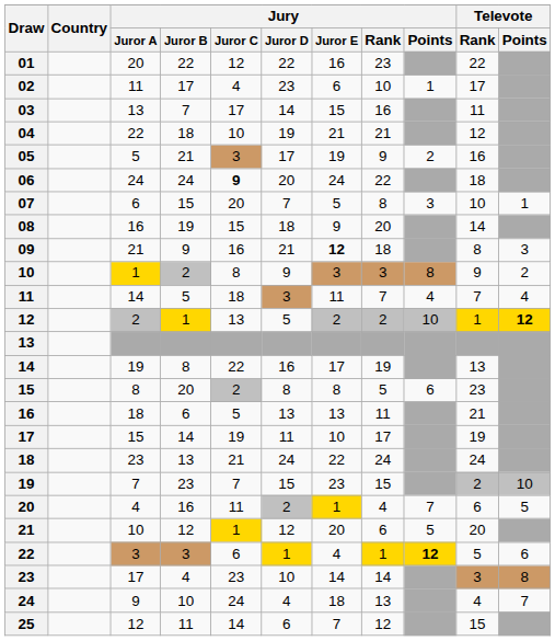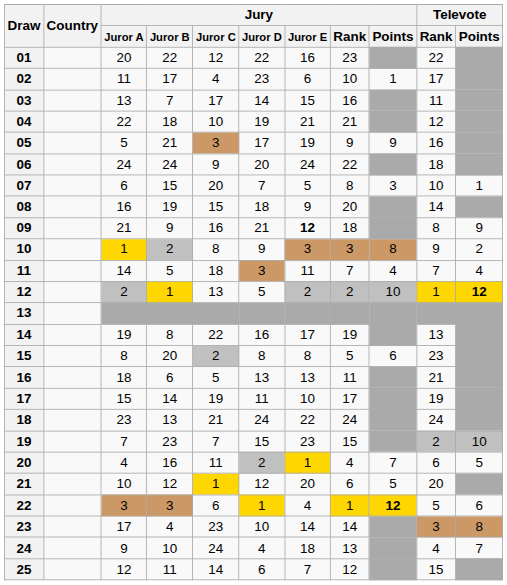 <table class="sortable wikitable collapsible plainrowheaders" style="text-align:center;">
 <tr>
 </tr>
 <tr>
 <th scope="col" rowspan="2">Draw</th>
 <th scope="col" rowspan="2">Country</th>
 <th scope="col" colspan="7">Jury</th>
 <th scope="col" colspan="2">Televote</th>
 </tr>
 <tr>
 <th scope="col"><small>Juror A</small></th>
 <th scope="col"><small>Juror B</small></th>
 <th scope="col"><small>Juror C</small></th>
 <th scope="col"><small>Juror D</small></th>
 <th scope="col"><small>Juror E</small></th>
 <th scope="col">Rank</th>
 <th scope="col">Points</th>
 <th scope="col">Rank</th>
 <th scope="col">Points</th>
 </tr>
 <tr>
 <th scope="row" style="text-align:center;">01</th>
 <td style="text-align:left;"></td>
 <td>20</td>
 <td>22</td>
 <td>12</td>
 <td>22</td>
 <td>16</td>
 <td>23</td>
 <td style="background:#AAAAAA;"></td>
 <td>22</td>
 <td style="background:#AAAAAA;"></td>
 </tr>
 <tr>
 <th scope="row" style="text-align:center;">02</th>
 <td style="text-align:left;"></td>
 <td>11</td>
 <td>17</td>
 <td>4</td>
 <td>23</td>
 <td>6</td>
 <td>10</td>
 <td>1</td>
 <td>17</td>
 <td style="background:#AAAAAA;"></td>
 </tr>
 <tr>
 <th scope="row" style="text-align:center;">03</th>
 <td style="text-align:left;"></td>
 <td>13</td>
 <td>7</td>
 <td>17</td>
 <td>14</td>
 <td>15</td>
 <td>16</td>
 <td style="background:#AAAAAA;"></td>
 <td>11</td>
 <td style="background:#AAAAAA;"></td>
 </tr>
 <tr>
 <th scope="row" style="text-align:center;">04</th>
 <td style="text-align:left;"></td>
 <td>22</td>
 <td>18</td>
 <td>10</td>
 <td>19</td>
 <td>21</td>
 <td>21</td>
 <td style="background:#AAAAAA;"></td>
 <td>12</td>
 <td style="background:#AAAAAA;"></td>
 </tr>
 <tr>
 <th scope="row" style="text-align:center;">05</th>
 <td style="text-align:left;"></td>
 <td>5</td>
 <td>21</td>
 <td style="background:#CC9966;">3</td>
 <td>17</td>
 <td>19</td>
 <td>9</td>
-<td>2</td>
+<td>9</td>
 <td>16</td>
 <td style="background:#AAAAAA;"></td>
 </tr>
 <tr>
 <th scope="row" style="text-align:center;">06</th>
 <td style="text-align:left;"></td>
 <td>24</td>
 <td>24</td>
-<td><strong>9</strong></td>
+<td>9</td>
 <td>20</td>
 <td>24</td>
 <td>22</td>
 <td style="background:#AAAAAA;"></td>
 <td>18</td>
 <td style="background:#AAAAAA;"></td>
 </tr>
 <tr>
 <th scope="row" style="text-align:center;">07</th>
 <td style="text-align:left;"></td>
 <td>6</td>
 <td>15</td>
 <td>20</td>
 <td>7</td>
 <td>5</td>
 <td>8</td>
 <td>3</td>
 <td>10</td>
 <td>1</td>
 </tr>
 <tr>
 <th scope="row" style="text-align:center;">08</th>
 <td style="text-align:left;"></td>
 <td>16</td>
 <td>19</td>
 <td>15</td>
 <td>18</td>
 <td>9</td>
 <td>20</td>
 <td style="background:#AAAAAA;"></td>
 <td>14</td>
 <td style="background:#AAAAAA;"></td>
 </tr>
 <tr>
 <th scope="row" style="text-align:center;">09</th>
 <td style="text-align:left;"></td>
 <td>21</td>
 <td>9</td>
 <td>16</td>
 <td>21</td>
 <td><strong>12</strong></td>
 <td>18</td>
 <td style="background:#AAAAAA;"></td>
 <td>8</td>
-<td>3</td>
+<td>9</td>
 </tr>
 <tr>
 <th scope="row" style="text-align:center;">10</th>
 <td style="text-align:left;"></td>
 <td style="background:gold;">1</td>
 <td style="background:silver;">2</td>
 <td>8</td>
 <td>9</td>
 <td style="background:#CC9966;">3</td>
 <td style="background:#CC9966;">3</td>
 <td style="background:#CC9966;">8</td>
 <td>9</td>
 <td>2</td>
 </tr>
 <tr>
 <th scope="row" style="text-align:center;">11</th>
 <td style="text-align:left;"></td>
 <td>14</td>
 <td>5</td>
 <td>18</td>
 <td style="background:#CC9966;">3</td>
 <td>11</td>
 <td>7</td>
 <td>4</td>
 <td>7</td>
 <td>4</td>
 </tr>
 <tr>
 <th scope="row" style="text-align:center;">12</th>
 <td style="text-align:left;"></td>
 <td style="background:silver;">2</td>
 <td style="background:gold;">1</td>
 <td>13</td>
 <td>5</td>
 <td style="background:silver;">2</td>
 <td style="background:silver;">2</td>
 <td style="background:silver;">10</td>
 <td style="background:gold;">1</td>
 <td style="background:gold;"><strong>12</strong></td>
 </tr>
 <tr class="sortbottom">
 <th scope="row" style="text-align:center;">13</th>
 <td style="text-align:left;"></td>
 <td style="background:#AAAAAA;"></td>
 <td style="background:#AAAAAA;"></td>
 <td style="background:#AAAAAA;"></td>
 <td style="background:#AAAAAA;"></td>
 <td style="background:#AAAAAA;"></td>
 <td style="background:#AAAAAA;"></td>
 <td style="background:#AAAAAA;"></td>
 <td style="background:#AAAAAA;"></td>
 <td style="background:#AAAAAA;"></td>
 </tr>
 <tr>
 <th scope="row" style="text-align:center;">14</th>
 <td style="text-align:left;"></td>
 <td>19</td>
 <td>8</td>
 <td>22</td>
 <td>16</td>
 <td>17</td>
 <td>19</td>
 <td style="background:#AAAAAA;"></td>
 <td>13</td>
 <td style="background:#AAAAAA;"></td>
 </tr>
 <tr>
 <th scope="row" style="text-align:center;">15</th>
 <td style="text-align:left;"></td>
 <td>8</td>
 <td>20</td>
 <td style="background:silver;">2</td>
 <td>8</td>
 <td>8</td>
 <td>5</td>
 <td>6</td>
 <td>23</td>
 <td style="background:#AAAAAA;"></td>
 </tr>
 <tr>
 <th scope="row" style="text-align:center;">16</th>
 <td style="text-align:left;"></td>
 <td>18</td>
 <td>6</td>
 <td>5</td>
 <td>13</td>
 <td>13</td>
 <td>11</td>
 <td style="background:#AAAAAA;"></td>
 <td>21</td>
 <td style="background:#AAAAAA;"></td>
 </tr>
 <tr>
 <th scope="row" style="text-align:center;">17</th>
 <td style="text-align:left;"></td>
 <td>15</td>
 <td>14</td>
 <td>19</td>
 <td>11</td>
 <td>10</td>
 <td>17</td>
 <td style="background:#AAAAAA;"></td>
 <td>19</td>
 <td style="background:#AAAAAA;"></td>
 </tr>
 <tr>
 <th scope="row" style="text-align:center;">18</th>
 <td style="text-align:left;"></td>
 <td>23</td>
 <td>13</td>
 <td>21</td>
 <td>24</td>
 <td>22</td>
 <td>24</td>
 <td style="background:#AAAAAA;"></td>
 <td>24</td>
 <td style="background:#AAAAAA;"></td>
 </tr>
 <tr>
 <th scope="row" style="text-align:center;">19</th>
 <td style="text-align:left;"></td>
 <td>7</td>
 <td>23</td>
 <td>7</td>
 <td>15</td>
 <td>23</td>
 <td>15</td>
 <td style="background:#AAAAAA;"></td>
 <td style="background:silver;">2</td>
 <td style="background:silver;">10</td>
 </tr>
 <tr>
 <th scope="row" style="text-align:center;">20</th>
 <td style="text-align:left;"></td>
 <td>4</td>
 <td>16</td>
 <td>11</td>
 <td style="background:silver;">2</td>
 <td style="background:gold;">1</td>
 <td>4</td>
 <td>7</td>
 <td>6</td>
 <td>5</td>
 </tr>
 <tr>
 <th scope="row" style="text-align:center;">21</th>
 <td style="text-align:left;"></td>
 <td>10</td>
 <td>12</td>
 <td style="background:gold;">1</td>
 <td>12</td>
 <td>20</td>
 <td>6</td>
 <td>5</td>
 <td>20</td>
 <td style="background:#AAAAAA;"></td>
 </tr>
 <tr>
 <th scope="row" style="text-align:center;">22</th>
 <td style="text-align:left;"></td>
 <td style="background:#CC9966;">3</td>
 <td style="background:#CC9966;">3</td>
 <td>6</td>
 <td style="background:gold;">1</td>
 <td>4</td>
 <td style="background:gold;">1</td>
 <td style="background:gold;"><strong>12</strong></td>
 <td>5</td>
 <td>6</td>
 </tr>
 <tr>
 <th scope="row" style="text-align:center;">23</th>
 <td style="text-align:left;"></td>
 <td>17</td>
 <td>4</td>
 <td>23</td>
 <td>10</td>
 <td>14</td>
 <td>14</td>
 <td style="background:#AAAAAA;"></td>
 <td style="background:#CC9966;">3</td>
 <td style="background:#CC9966;">8</td>
 </tr>
 <tr>
 <th scope="row" style="text-align:center;">24</th>
 <td style="text-align:left;"></td>
 <td>9</td>
 <td>10</td>
 <td>24</td>
 <td>4</td>
 <td>18</td>
 <td>13</td>
 <td style="background:#AAAAAA;"></td>
 <td>4</td>
 <td>7</td>
 </tr>
 <tr>
 <th scope="row" style="text-align:center;">25</th>
 <td style="text-align:left;"></td>
 <td>12</td>
 <td>11</td>
 <td>14</td>
 <td>6</td>
 <td>7</td>
 <td>12</td>
 <td style="background:#AAAAAA;"></td>
 <td>15</td>
 <td style="background:#AAAAAA;"></td>
 </tr>
 </table>
